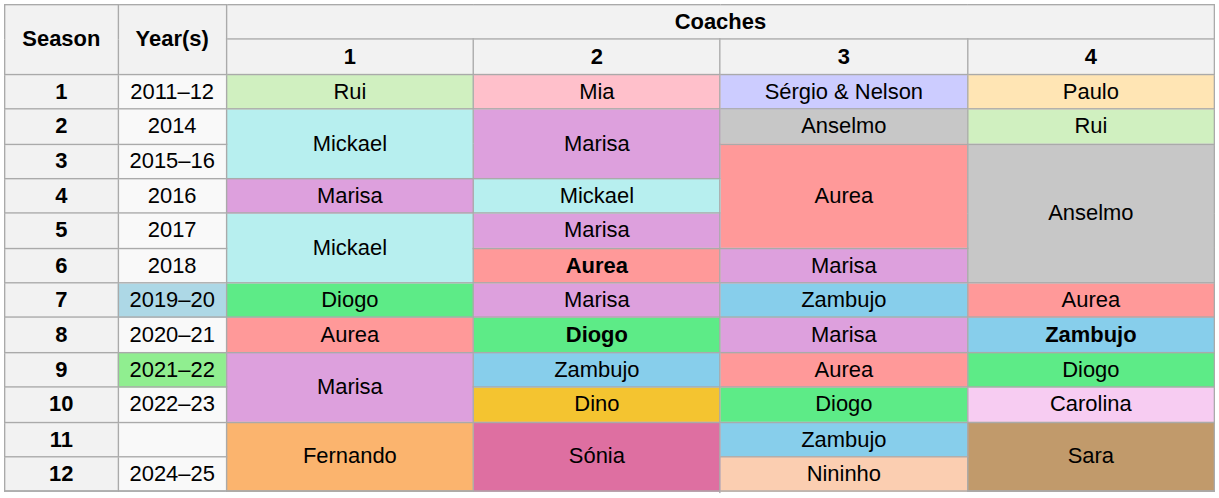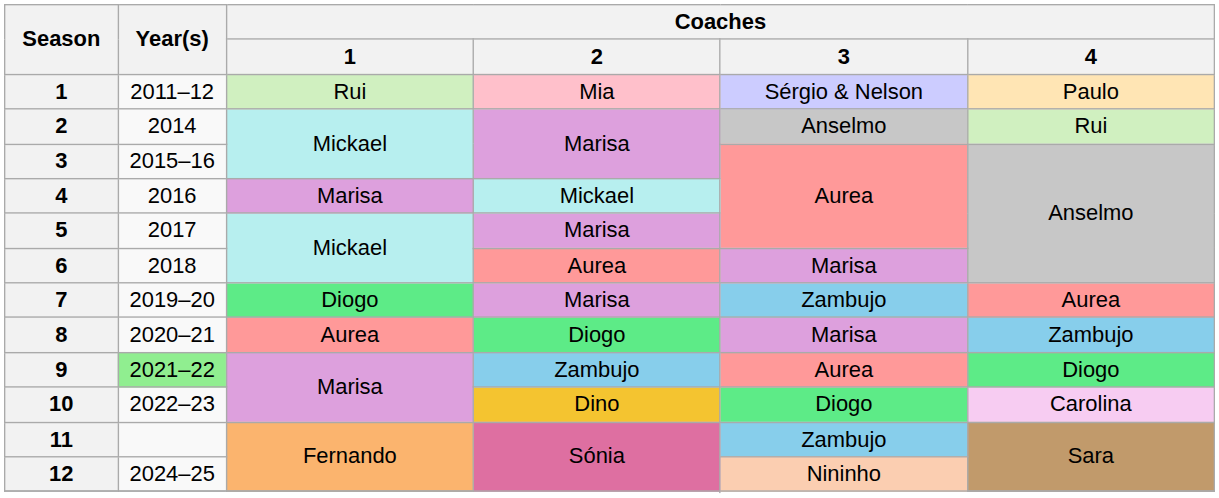 <table class="wikitable collapsible collapsed" style="text-align:center; width:100%">
 <tr>
 <th width="2%" rowspan="2">Season</th>
 <th width="2%" rowspan="2">Year(s)</th>
 <th colspan="4">Coaches</th>
 </tr>
 <tr>
 <th width="10%">1</th>
 <th width="10%">2</th>
 <th width="10%">3</th>
 <th width="10%">4</th>
 </tr>
 <tr>
 <th>1</th>
 <td>2011–12</td>
 <td style="background:#d0f0c0">Rui</td>
 <td style="background: Pink">Mia</td>
 <td style="background:#ccccff">Sérgio & Nelson</td>
 <td style="background:#ffe5b4">Paulo</td>
 </tr>
 <tr>
 <th>2</th>
 <td>2014</td>
 <td style="background:#b7efef" rowspan="2">Mickael</td>
 <td style="background:#dda0dd" rowspan="2">Marisa</td>
 <td style="background:#c7c7c7">Anselmo</td>
 <td style="background:#d0f0c0">Rui</td>
 </tr>
 <tr>
 <th>3</th>
 <td>2015–16</td>
 <td rowspan="3" style="background:#ff9999">Aurea</td>
 <td rowspan="4" style="background:#c7c7c7">Anselmo</td>
 </tr>
 <tr>
 <th>4</th>
 <td>2016</td>
 <td style="background:#dda0dd">Marisa</td>
 <td style="background:#b7efef">Mickael</td>
 </tr>
 <tr>
 <th>5</th>
 <td>2017</td>
 <td style="background:#b7efef" rowspan="2">Mickael</td>
 <td style="background:#dda0dd">Marisa</td>
 </tr>
 <tr>
 <th>6</th>
 <td>2018</td>
-<td style="background:#ff9999"><strong>Aurea</strong></td>
+<td style="background:#ff9999">Aurea</td>
 <td style="background:#dda0dd">Marisa</td>
 </tr>
 <tr>
 <th>7</th>
-<td style="background: lightblue;">2019–20</td>
+<td>2019–20</td>
 <td style="background:#5deb87">Diogo</td>
 <td style="background:#dda0dd">Marisa</td>
 <td style="background:#87ceeb">Zambujo</td>
 <td style="background:#ff9999">Aurea</td>
 </tr>
 <tr>
 <th>8</th>
 <td>2020–21</td>
 <td style="background:#ff9999">Aurea</td>
-<td style="background:#5deb87"><strong>Diogo</strong></td>
+<td style="background:#5deb87">Diogo</td>
 <td style="background:#dda0dd">Marisa</td>
-<td style="background:#87ceeb"><strong>Zambujo</strong></td>
+<td style="background:#87ceeb">Zambujo</td>
 </tr>
 <tr>
 <th>9</th>
 <td style="background: lightgreen;">2021–22</td>
 <td style="background:#dda0dd" rowspan="2">Marisa</td>
 <td style="background:#87ceeb">Zambujo</td>
 <td style="background:#ff9999">Aurea</td>
 <td style="background:#5deb87">Diogo</td>
 </tr>
 <tr>
 <th>10</th>
 <td>2022–23</td>
 <td style="background:#F4C430">Dino</td>
 <td style="background:#5deb87">Diogo</td>
 <td style="background:#f7ccf2">Carolina</td>
 </tr>
 <tr>
 <th>11</th>
 <td></td>
 <td rowspan="2" style="background:#fbb46e">Fernando</td>
 <td rowspan="3" style="background:#DE6FA1">Sónia</td>
 <td style="background:#87ceeb">Zambujo</td>
 <td rowspan="2" style="background:#C19A6B">Sara</td>
 </tr>
 <tr>
 <th>12</th>
 <td>2024–25</td>
 <td rowspan="2" style="background:#fbceb1">Nininho</td>
 </tr>
 <tr>
 </tr>
 </table>
